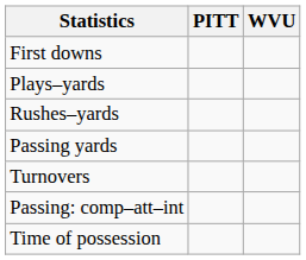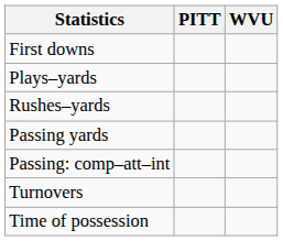 <table class="wikitable" style="float:left">
 <tr>
 <th>Statistics</th>
 <th>PITT</th>
 <th>WVU</th>
 </tr>
 <tr>
 <td>First downs</td>
 <td></td>
 <td></td>
 </tr>
 <tr>
 <td>Plays–yards</td>
 <td></td>
 <td></td>
 </tr>
 <tr>
 <td>Rushes–yards</td>
 <td></td>
 <td></td>
 </tr>
 <tr>
 <td>Passing yards</td>
 <td></td>
 <td></td>
 </tr>
 <tr>
-<td>Turnovers</td>
+<td>Passing: comp–att–int</td>
 <td></td>
 <td></td>
 </tr>
 <tr>
-<td>Passing: comp–att–int</td>
+<td>Turnovers</td>
 <td></td>
 <td></td>
 </tr>
 <tr>
 <td>Time of possession</td>
 <td></td>
 <td></td>
 </tr>
 </table>
